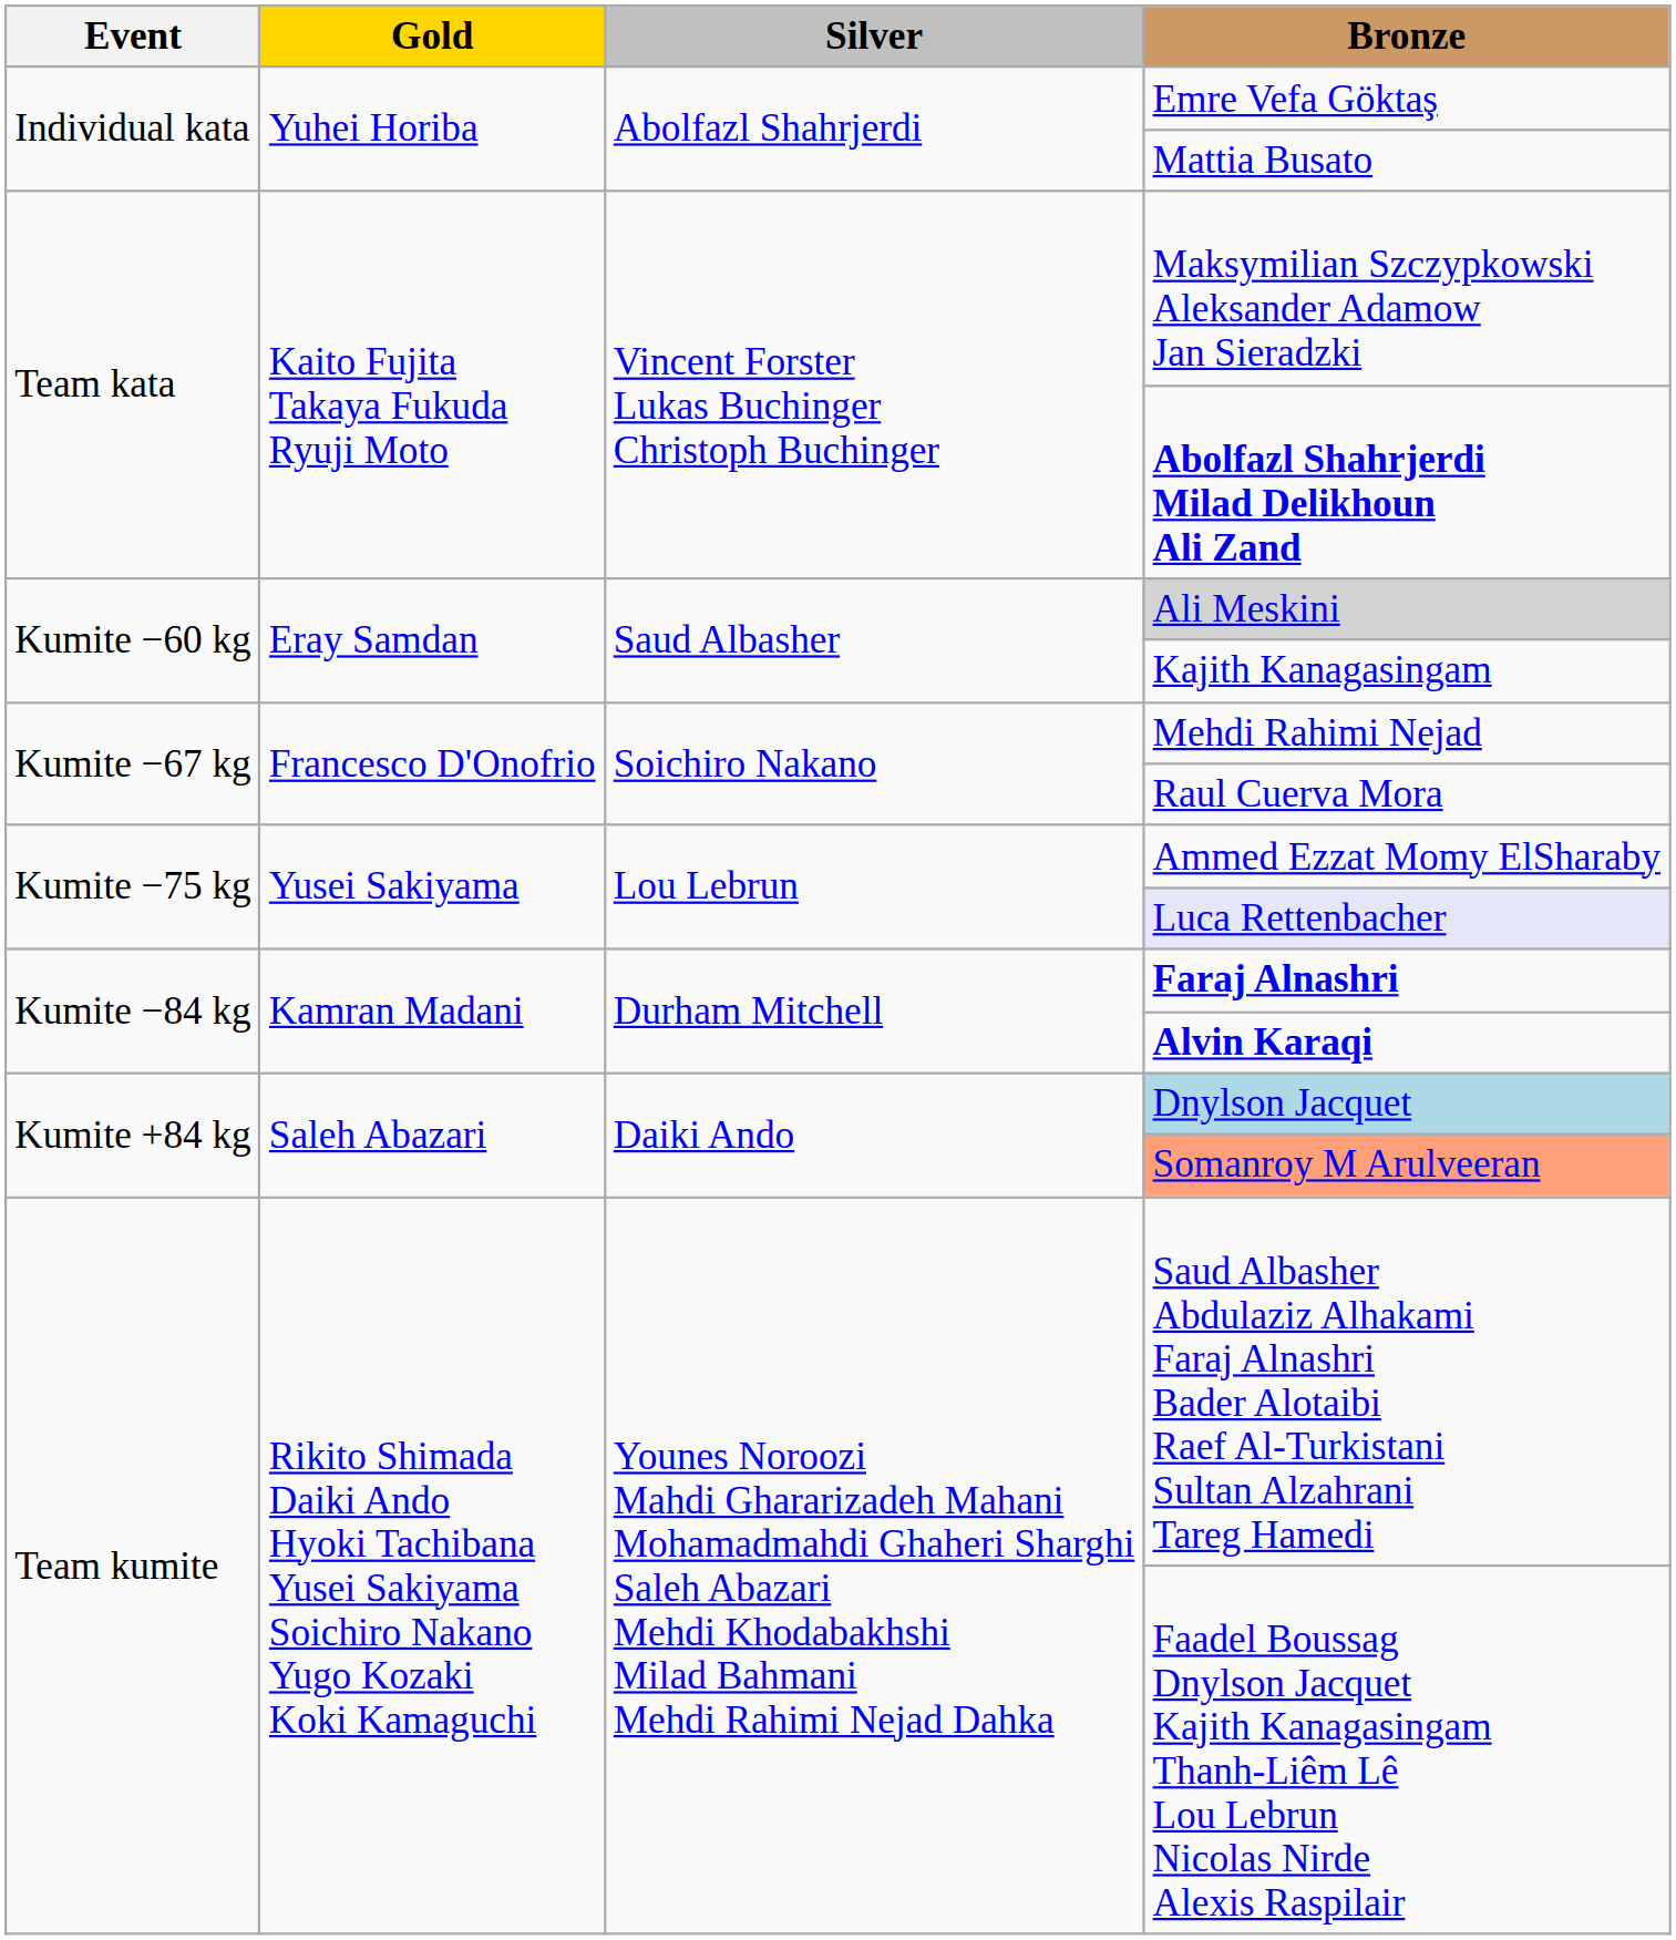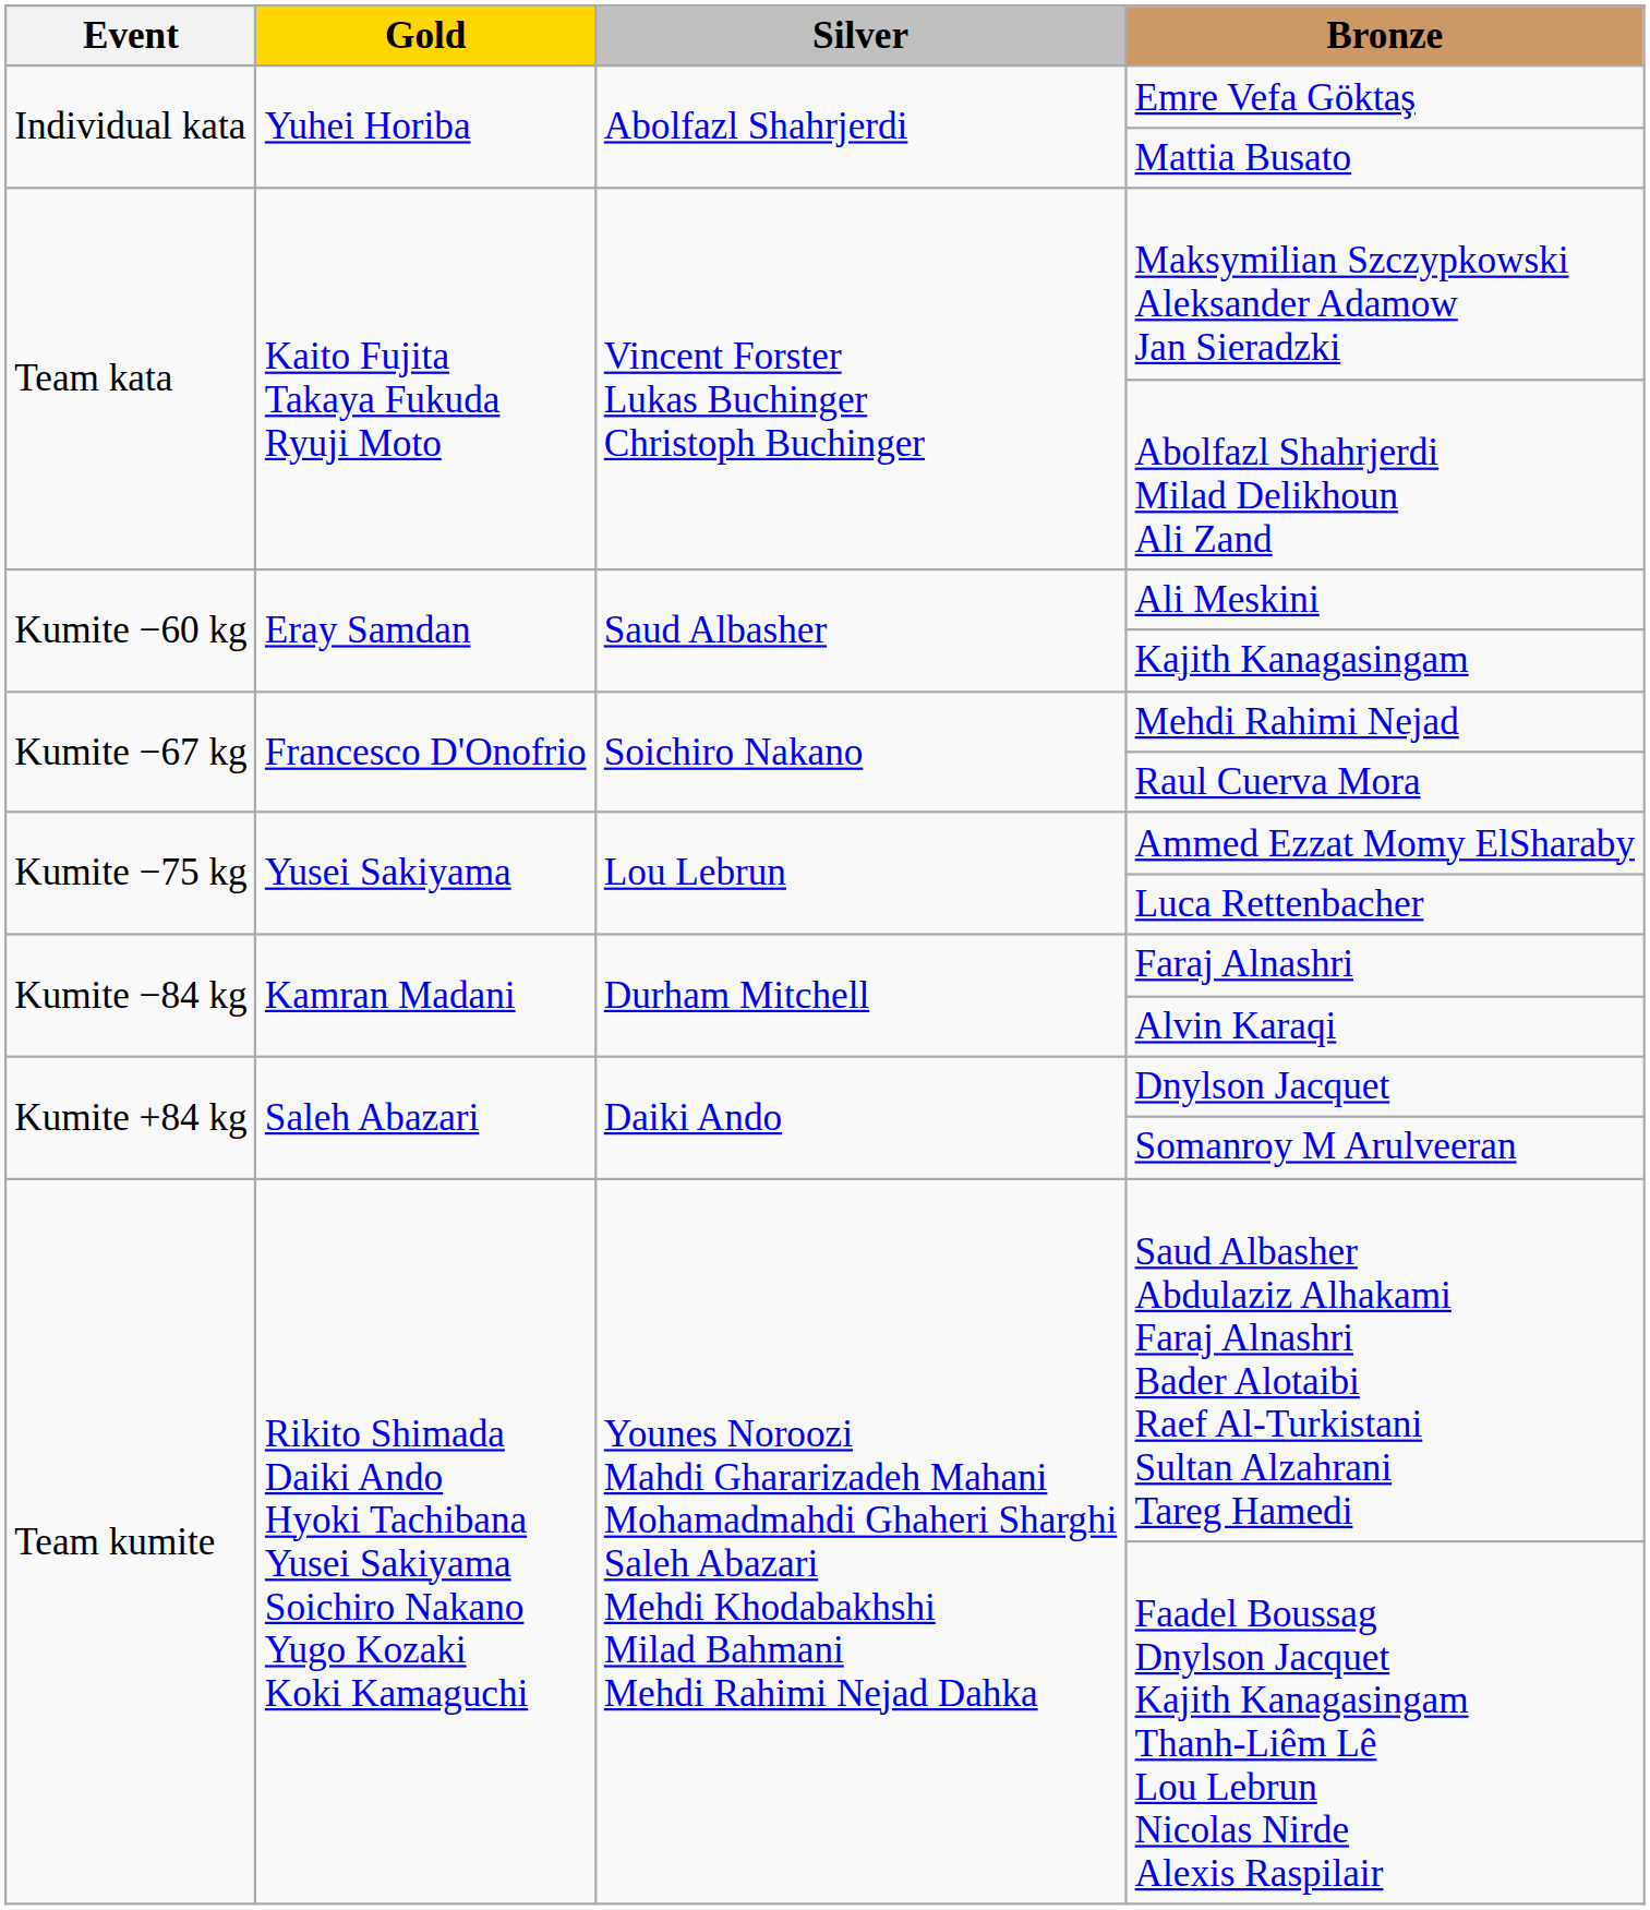 <table class="wikitable">
 <tr>
 <th>Event</th>
 <th style="background-color:gold">Gold</th>
 <th style="background-color:silver">Silver</th>
 <th style="background-color:#CC9966">Bronze</th>
 </tr>
 <tr>
 <td rowspan="2">Individual kata</td>
 <td rowspan="2"><a href='#'>Yuhei Horiba</a><br></td>
 <td rowspan="2"><a href='#'>Abolfazl Shahrjerdi</a><br></td>
 <td><a href='#'>Emre Vefa Göktaş</a><br></td>
 </tr>
 <tr>
 <td><a href='#'>Mattia Busato</a><br></td>
 </tr>
 <tr>
 <td rowspan="2">Team kata</td>
 <td rowspan="2"><br><a href='#'>Kaito Fujita</a><br><a href='#'>Takaya Fukuda</a><br><a href='#'>Ryuji Moto</a></td>
 <td rowspan="2"><br><a href='#'>Vincent Forster</a><br><a href='#'>Lukas Buchinger</a><br><a href='#'>Christoph Buchinger</a></td>
 <td><br><a href='#'>Maksymilian Szczypkowski</a><br><a href='#'>Aleksander Adamow</a><br><a href='#'>Jan Sieradzki</a></td>
 </tr>
 <tr>
-<td><strong><br><a href='#'>Abolfazl Shahrjerdi</a><br><a href='#'>Milad Delikhoun</a><br><a href='#'>Ali Zand</a></strong></td>
+<td><br><a href='#'>Abolfazl Shahrjerdi</a><br><a href='#'>Milad Delikhoun</a><br><a href='#'>Ali Zand</a></td>
 </tr>
 <tr>
 <td rowspan="2">Kumite −60 kg</td>
 <td rowspan="2"><a href='#'>Eray Samdan</a><br></td>
 <td rowspan="2"><a href='#'>Saud Albasher</a><br></td>
-<td style="background: lightgrey;"><a href='#'>Ali Meskini</a><br></td>
+<td><a href='#'>Ali Meskini</a><br></td>
 </tr>
 <tr>
 <td><a href='#'>Kajith Kanagasingam</a><br></td>
 </tr>
 <tr>
 <td rowspan="2">Kumite −67 kg</td>
 <td rowspan="2"><a href='#'>Francesco D'Onofrio</a><br></td>
 <td rowspan="2"><a href='#'>Soichiro Nakano</a><br></td>
 <td><a href='#'>Mehdi Rahimi Nejad</a><br></td>
 </tr>
 <tr>
 <td><a href='#'>Raul Cuerva Mora</a><br></td>
 </tr>
 <tr>
 <td rowspan="2">Kumite −75 kg</td>
 <td rowspan="2"><a href='#'>Yusei Sakiyama</a><br></td>
 <td rowspan="2"><a href='#'>Lou Lebrun</a><br></td>
 <td><a href='#'>Ammed Ezzat Momy ElSharaby</a><br></td>
 </tr>
 <tr>
-<td style="background: lavender;"><a href='#'>Luca Rettenbacher</a><br></td>
+<td><a href='#'>Luca Rettenbacher</a><br></td>
 </tr>
 <tr>
 <td rowspan="2">Kumite −84 kg</td>
 <td rowspan="2"><a href='#'>Kamran Madani</a><br></td>
 <td rowspan="2"><a href='#'>Durham Mitchell</a><br></td>
-<td><strong><a href='#'>Faraj Alnashri</a><br></strong></td>
+<td><a href='#'>Faraj Alnashri</a><br></td>
 </tr>
 <tr>
-<td><strong><a href='#'>Alvin Karaqi</a><br></strong></td>
+<td><a href='#'>Alvin Karaqi</a><br></td>
 </tr>
 <tr>
 <td rowspan="2">Kumite +84 kg</td>
 <td rowspan="2"><a href='#'>Saleh Abazari</a><br></td>
 <td rowspan="2"><a href='#'>Daiki Ando</a><br></td>
-<td style="background: lightblue;"><a href='#'>Dnylson Jacquet</a><br></td>
+<td><a href='#'>Dnylson Jacquet</a><br></td>
 </tr>
 <tr>
-<td style="background: lightsalmon;"><a href='#'>Somanroy M Arulveeran</a><br></td>
+<td><a href='#'>Somanroy M Arulveeran</a><br></td>
 </tr>
 <tr>
 <td rowspan="2">Team kumite</td>
 <td rowspan="2"><br><a href='#'>Rikito Shimada</a><br><a href='#'>Daiki Ando</a><br><a href='#'>Hyoki Tachibana</a><br><a href='#'>Yusei Sakiyama</a><br><a href='#'>Soichiro Nakano</a><br><a href='#'>Yugo Kozaki</a><br><a href='#'>Koki Kamaguchi</a></td>
 <td rowspan="2"><br><a href='#'>Younes Noroozi</a><br><a href='#'>Mahdi Ghararizadeh Mahani</a><br><a href='#'>Mohamadmahdi Ghaheri Sharghi</a><br><a href='#'>Saleh Abazari</a><br><a href='#'>Mehdi Khodabakhshi</a><br><a href='#'>Milad Bahmani</a><br><a href='#'>Mehdi Rahimi Nejad Dahka</a></td>
 <td><br><a href='#'>Saud Albasher</a><br><a href='#'>Abdulaziz Alhakami</a><br><a href='#'>Faraj Alnashri</a><br><a href='#'>Bader Alotaibi</a><br><a href='#'>Raef Al-Turkistani</a><br><a href='#'>Sultan Alzahrani</a><br><a href='#'>Tareg Hamedi</a></td>
 </tr>
 <tr>
 <td><br><a href='#'>Faadel Boussag</a><br><a href='#'>Dnylson Jacquet</a><br><a href='#'>Kajith Kanagasingam</a><br><a href='#'>Thanh-Liêm Lê</a><br><a href='#'>Lou Lebrun</a><br><a href='#'>Nicolas Nirde</a><br><a href='#'>Alexis Raspilair</a></td>
 </tr>
 </table>
